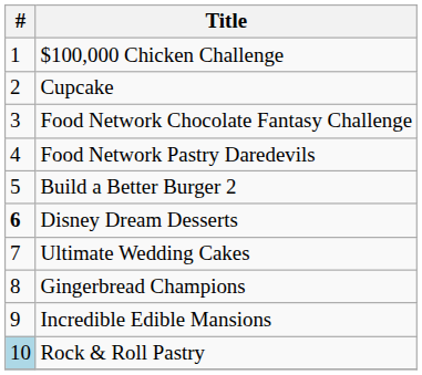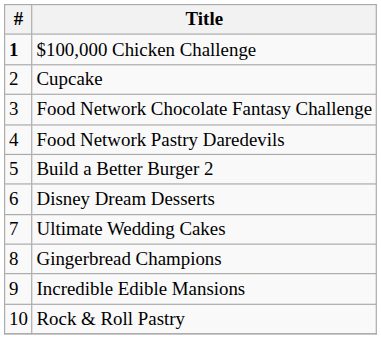 <table class="wikitable">
 <tr>
 <th>#</th>
 <th>Title</th>
 </tr>
 <tr>
-<td>1</td>
+<td><strong>1</strong></td>
 <td>$100,000 Chicken Challenge</td>
 </tr>
 <tr>
 <td>2</td>
 <td>Cupcake</td>
 </tr>
 <tr>
 <td>3</td>
 <td>Food Network Chocolate Fantasy Challenge</td>
 </tr>
 <tr>
 <td>4</td>
 <td>Food Network Pastry Daredevils</td>
 </tr>
 <tr>
 <td>5</td>
 <td>Build a Better Burger 2</td>
 </tr>
 <tr>
-<td><strong>6</strong></td>
+<td>6</td>
 <td>Disney Dream Desserts</td>
 </tr>
 <tr>
 <td>7</td>
 <td>Ultimate Wedding Cakes</td>
 </tr>
 <tr>
 <td>8</td>
 <td>Gingerbread Champions</td>
 </tr>
 <tr>
 <td>9</td>
 <td>Incredible Edible Mansions</td>
 </tr>
 <tr>
-<td style="background: lightblue;">10</td>
+<td>10</td>
 <td>Rock & Roll Pastry</td>
 </tr>
 <tr>
 </tr>
 </table>
